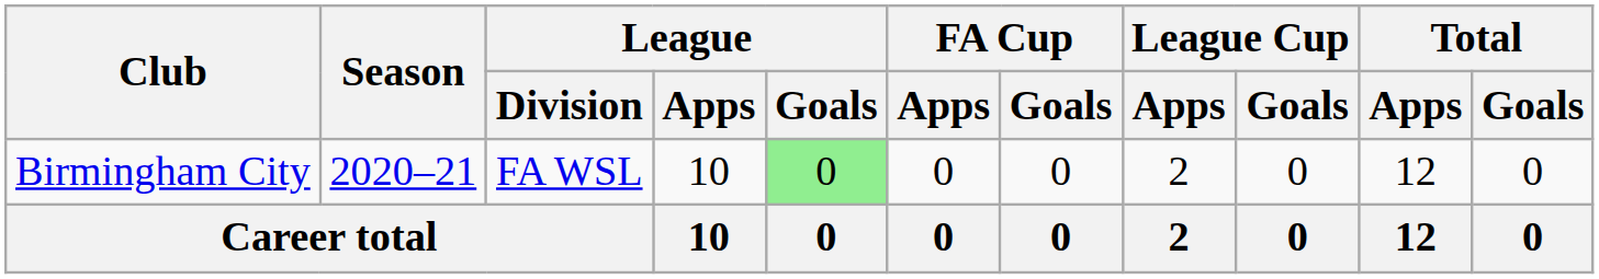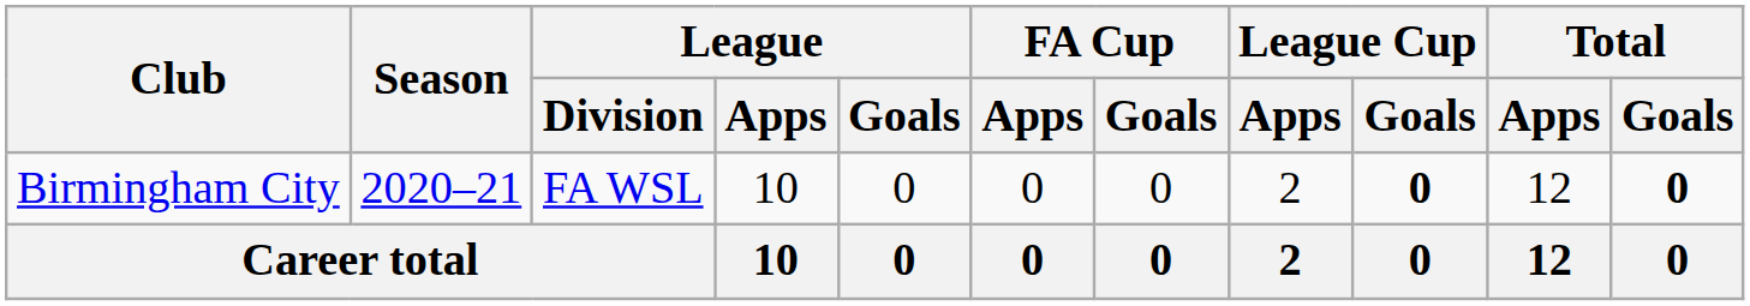 <table class="wikitable" style="text-align: center;">
 <tr>
 <th rowspan="2">Club</th>
 <th rowspan="2">Season</th>
 <th colspan="3">League</th>
 <th colspan="2">FA Cup</th>
 <th colspan="2">League Cup</th>
 <th colspan="2">Total</th>
 </tr>
 <tr>
 <th>Division</th>
 <th>Apps</th>
 <th>Goals</th>
 <th>Apps</th>
 <th>Goals</th>
 <th>Apps</th>
 <th>Goals</th>
 <th>Apps</th>
 <th>Goals</th>
 </tr>
 <tr>
 <td><a href='#'>Birmingham City</a></td>
 <td><a href='#'>2020–21</a></td>
 <td><a href='#'>FA WSL</a></td>
 <td>10</td>
-<td style="background: lightgreen;">0</td>
+<td>0</td>
 <td>0</td>
 <td>0</td>
 <td>2</td>
-<td>0</td>
+<td><strong>0</strong></td>
 <td>12</td>
-<td>0</td>
+<td><strong>0</strong></td>
 </tr>
 <tr>
 <th colspan="3">Career total</th>
 <th>10</th>
 <th>0</th>
 <th>0</th>
 <th>0</th>
 <th>2</th>
 <th>0</th>
 <th>12</th>
 <th>0</th>
 </tr>
 </table>
